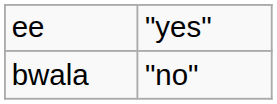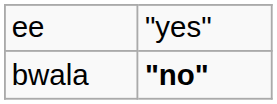 <table class="wikitable">
 <tr>
 <td width="65" valign="top">ee</td>
 <td width="65" valign="top">"yes"</td>
 </tr>
 <tr>
 <td width="65" valign="top">bwala</td>
-<td width="65" valign="top">"no"</td>
+<td width="65" valign="top"><strong>"no"</strong></td>
 </tr>
 </table>
